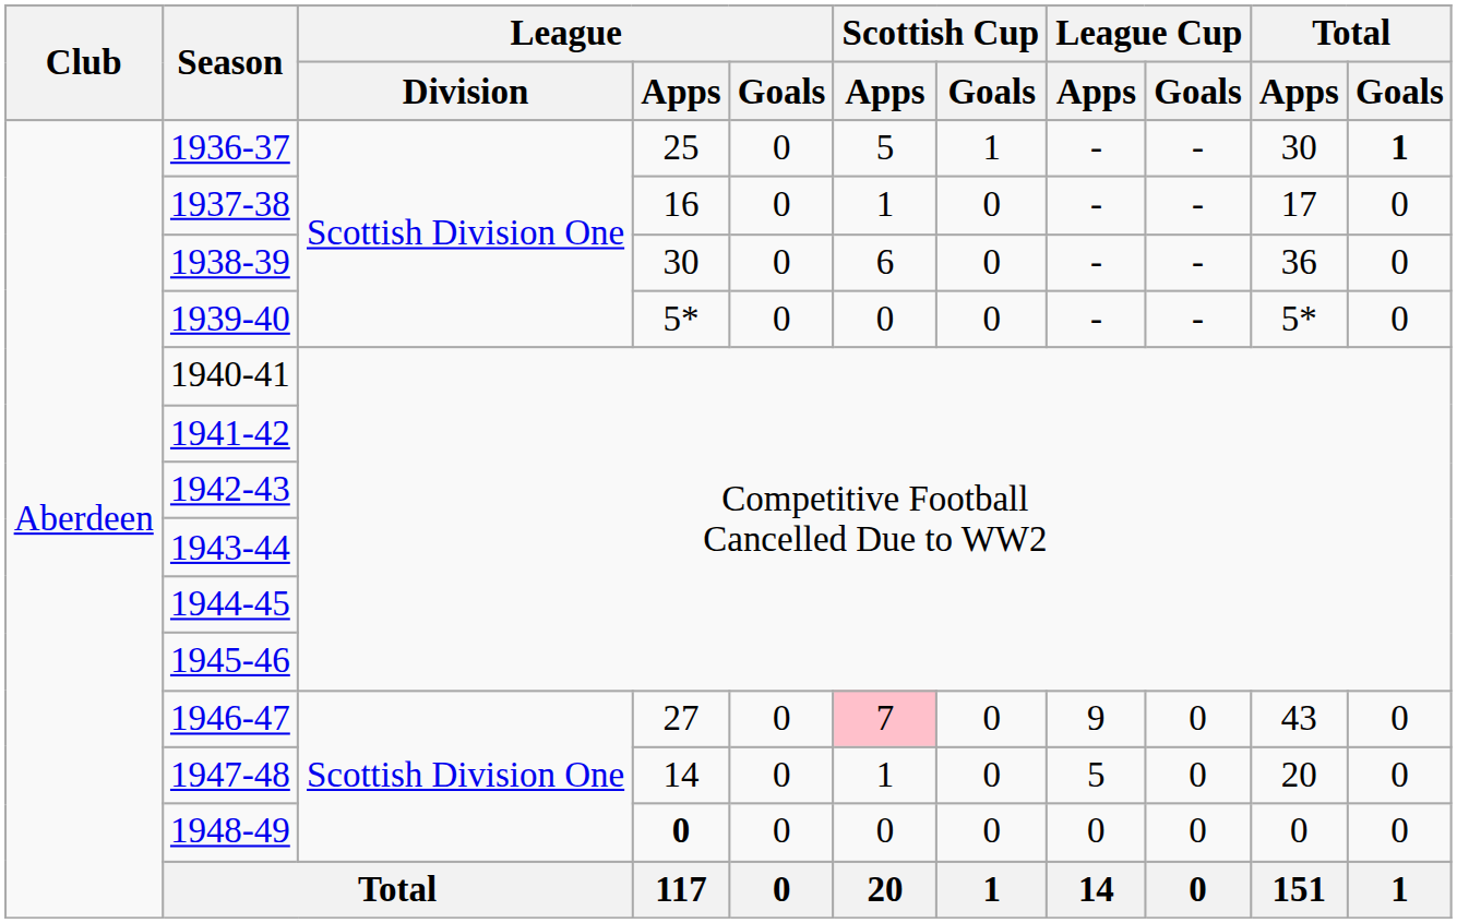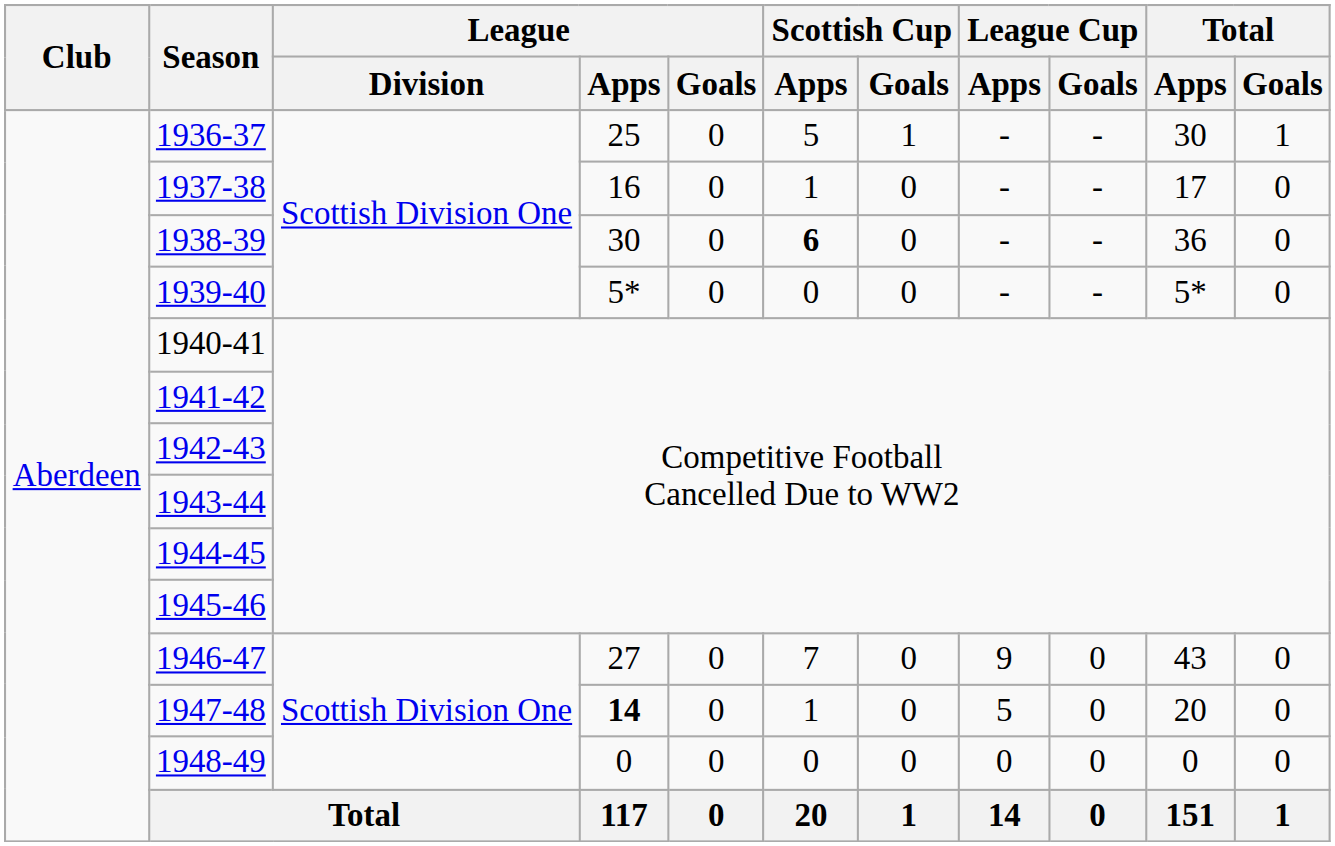 <table class="wikitable" style="text-align:center">
 <tr>
 <th rowspan="2">Club</th>
 <th rowspan="2">Season</th>
 <th colspan="3">League</th>
 <th colspan="2">Scottish Cup</th>
 <th colspan="2">League Cup</th>
 <th colspan="2">Total</th>
 </tr>
 <tr>
 <th>Division</th>
 <th>Apps</th>
 <th>Goals</th>
 <th>Apps</th>
 <th>Goals</th>
 <th>Apps</th>
 <th>Goals</th>
 <th>Apps</th>
 <th>Goals</th>
 </tr>
 <tr>
 <td rowspan="14"><a href='#'>Aberdeen</a></td>
 <td><a href='#'>1936-37</a></td>
 <td rowspan="4"><a href='#'>Scottish Division One</a></td>
 <td>25</td>
 <td>0</td>
 <td>5</td>
 <td>1</td>
 <td>-</td>
 <td>-</td>
 <td>30</td>
-<td><strong>1</strong></td>
+<td>1</td>
 </tr>
 <tr>
 <td><a href='#'>1937-38</a></td>
 <td>16</td>
 <td>0</td>
 <td>1</td>
 <td>0</td>
 <td>-</td>
 <td>-</td>
 <td>17</td>
 <td>0</td>
 </tr>
 <tr>
 <td><a href='#'>1938-39</a></td>
 <td>30</td>
 <td>0</td>
-<td>6</td>
+<td><strong>6</strong></td>
 <td>0</td>
 <td>-</td>
 <td>-</td>
 <td>36</td>
 <td>0</td>
 </tr>
 <tr>
 <td><a href='#'>1939-40</a></td>
 <td>5*</td>
 <td>0</td>
 <td>0</td>
 <td>0</td>
 <td>-</td>
 <td>-</td>
 <td>5*</td>
 <td>0</td>
 </tr>
 <tr>
 <td>1940-41</td>
 <td colspan="9" rowspan="6">Competitive Football<br>Cancelled Due to WW2</td>
 </tr>
 <tr>
 <td><a href='#'>1941-42</a></td>
 </tr>
 <tr>
 <td><a href='#'>1942-43</a></td>
 </tr>
 <tr>
 <td><a href='#'>1943-44</a></td>
 </tr>
 <tr>
 <td><a href='#'>1944-45</a></td>
 </tr>
 <tr>
 <td><a href='#'>1945-46</a></td>
 </tr>
 <tr>
 <td><a href='#'>1946-47</a></td>
 <td rowspan="3"><a href='#'>Scottish Division One</a></td>
 <td>27</td>
 <td>0</td>
-<td style="background: pink;">7</td>
+<td>7</td>
 <td>0</td>
 <td>9</td>
 <td>0</td>
 <td>43</td>
 <td>0</td>
 </tr>
 <tr>
 <td><a href='#'>1947-48</a></td>
-<td>14</td>
+<td><strong>14</strong></td>
 <td>0</td>
 <td>1</td>
 <td>0</td>
 <td>5</td>
 <td>0</td>
 <td>20</td>
 <td>0</td>
 </tr>
 <tr>
 <td><a href='#'>1948-49</a></td>
-<td><strong>0</strong></td>
+<td>0</td>
 <td>0</td>
 <td>0</td>
 <td>0</td>
 <td>0</td>
 <td>0</td>
 <td>0</td>
 <td>0</td>
 </tr>
 <tr>
 <th colspan="2">Total</th>
 <th>117</th>
 <th>0</th>
 <th>20</th>
 <th>1</th>
 <th>14</th>
 <th>0</th>
 <th>151</th>
 <th>1</th>
 </tr>
 </table>
